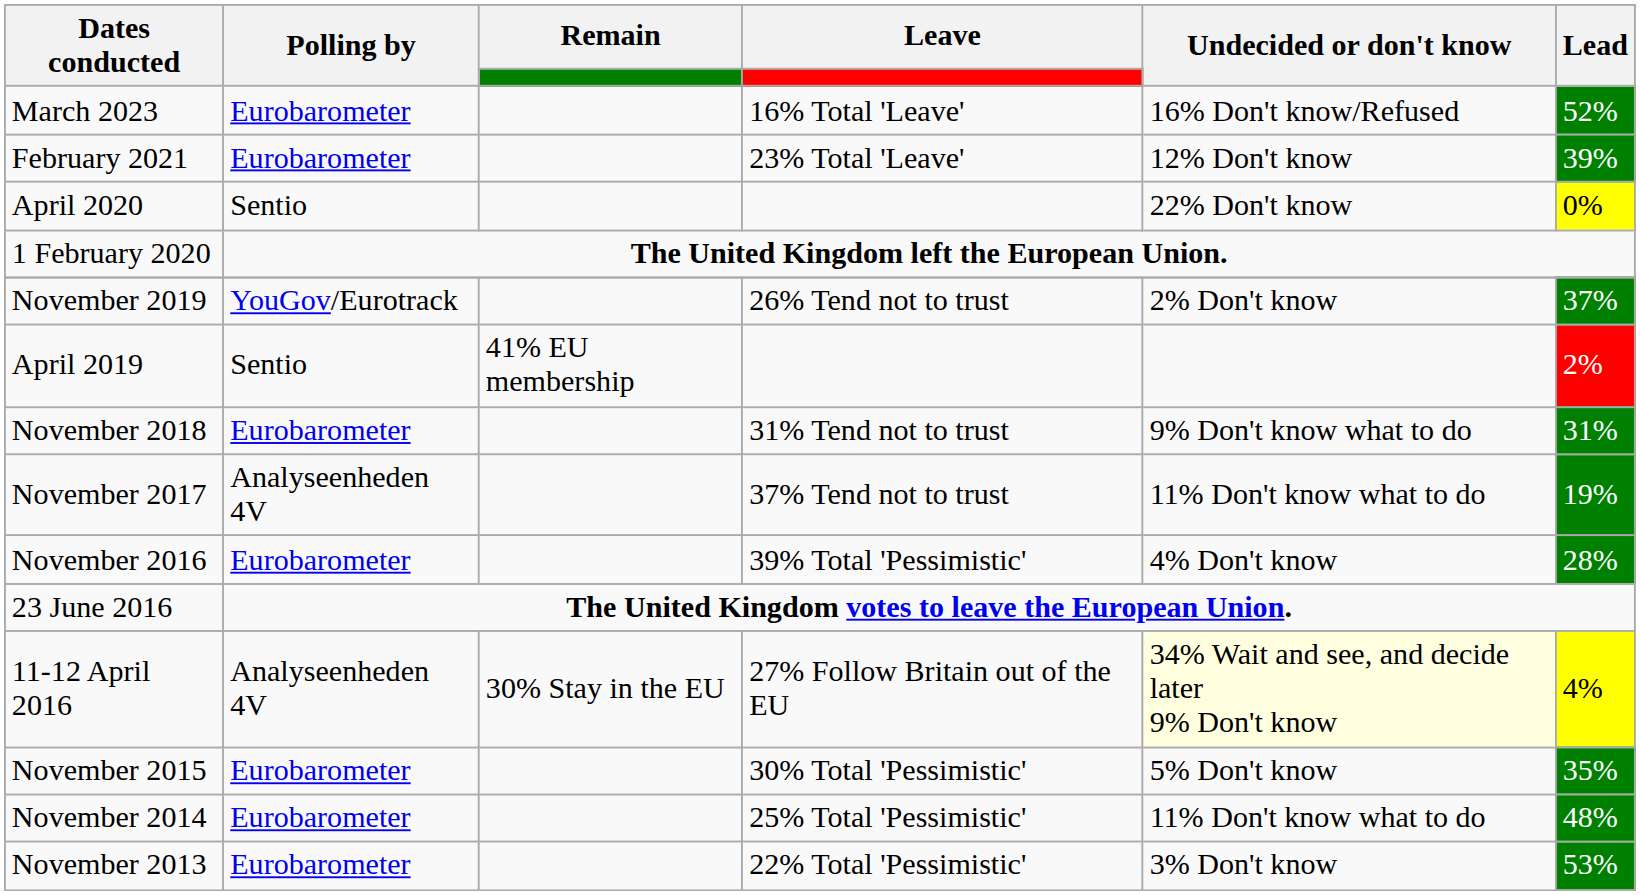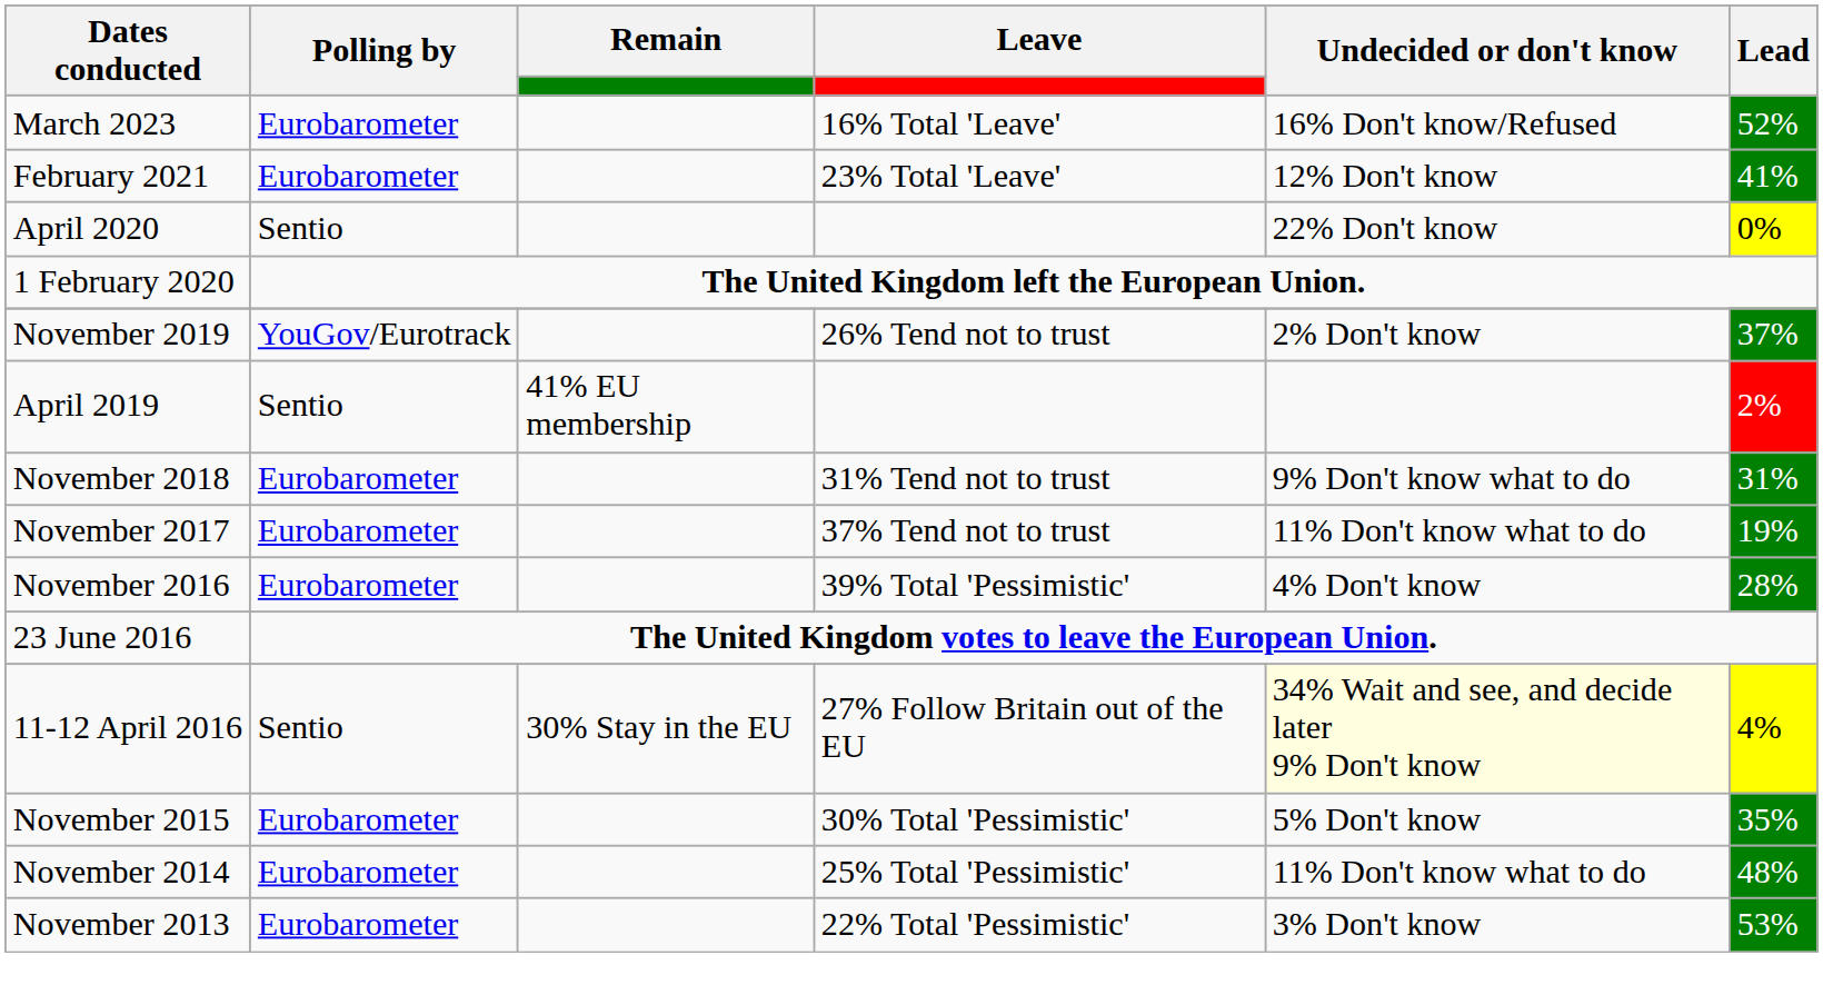 <table class="wikitable sortable">
 <tr>
 <th rowspan="2">Dates conducted</th>
 <th rowspan="2">Polling by</th>
 <th>Remain</th>
 <th>Leave</th>
 <th class="unsortable" rowspan="2" width:60px>Undecided or don't know</th>
 <th rowspan="2">Lead</th>
 </tr>
 <tr>
 <th data-sort-="" style="background:green;" type="number"></th>
 <th data-sort-="" style="background:red;" type="number"></th>
 </tr>
 <tr>
 <td data-sort-value="2023-03-21">March 2023</td>
 <td><a href='#'>Eurobarometer</a></td>
 <td></td>
 <td>16% Total 'Leave'</td>
 <td>16% Don't know/Refused</td>
 <td style="background:green;color:white;">52%</td>
 </tr>
 <tr>
 <td data-sort-value="2021-02-15">February 2021</td>
 <td><a href='#'>Eurobarometer</a></td>
 <td></td>
 <td>23% Total 'Leave'</td>
 <td>12% Don't know</td>
-<td style="background:green;color:white;">39%</td>
+<td style="background:green;color:white;">41%</td>
 </tr>
 <tr>
 <td data-sort-value="2020-04-08">April 2020</td>
 <td>Sentio</td>
 <td></td>
 <td></td>
 <td>22% Don't know</td>
 <td style="background:yellow;color:black;">0%</td>
 </tr>
 <tr>
 <td data-sort-value="2020-02-01">1 February 2020 </td>
 <td colspan="5" align="center"><strong>The United Kingdom left the European Union.</strong></td>
 </tr>
 <tr>
 </tr>
 <tr>
 <td data-sort-value="2019-11-07">November 2019</td>
 <td><a href='#'>YouGov</a>/Eurotrack</td>
 <td></td>
 <td>26% Tend not to trust</td>
 <td>2% Don't know</td>
 <td style="background:green;color:white;">37%</td>
 </tr>
 <tr>
 <td data-sort-value="2019-04-26">April 2019</td>
 <td>Sentio</td>
 <td>41% EU membership</td>
 <td></td>
 <td></td>
 <td style="background:red;color:white;">2%</td>
 </tr>
 <tr>
 <td data-sort-value="2018-11-07">November 2018</td>
 <td><a href='#'>Eurobarometer</a></td>
 <td></td>
 <td>31% Tend not to trust</td>
 <td>9% Don't know what to do</td>
 <td style="background:green;color:white;">31%</td>
 </tr>
 <tr>
 <td data-sort-value="2017-11-07">November 2017</td>
-<td>Analyseenheden 4V</td>
+<td><a href='#'>Eurobarometer</a></td>
 <td></td>
 <td>37% Tend not to trust</td>
 <td>11% Don't know what to do</td>
 <td style="background:green;color:white;">19%</td>
 </tr>
 <tr>
 <td data-sort-value="2016-11-07">November 2016</td>
 <td><a href='#'>Eurobarometer</a></td>
 <td></td>
 <td>39% Total 'Pessimistic'</td>
 <td>4% Don't know</td>
 <td style="background:green;color:white;">28%</td>
 </tr>
 <tr>
 <td data-sort-value="2016-06-23">23 June 2016</td>
 <td colspan="5" align="center"><strong>The United Kingdom <a href='#'>votes to leave the European Union</a>.</strong></td>
 </tr>
 <tr>
 <td data-sort-value="2016-03-07">11-12 April 2016</td>
-<td>Analyseenheden 4V</td>
+<td>Sentio</td>
 <td>30% Stay in the EU</td>
 <td>27% Follow Britain out of the EU</td>
 <td style="background:lightyellow;color:black;">34% Wait and see, and decide later<br>9% Don't know</td>
 <td style="background:yellow;color:black;">4%</td>
 </tr>
 <tr>
 <td data-sort-value="2015-11-07">November 2015</td>
 <td><a href='#'>Eurobarometer</a></td>
 <td></td>
 <td>30% Total 'Pessimistic'</td>
 <td>5% Don't know</td>
 <td style="background:green;color:white;">35%</td>
 </tr>
 <tr>
 <td data-sort-value="2014-11-07">November 2014</td>
 <td><a href='#'>Eurobarometer</a></td>
 <td></td>
 <td>25% Total 'Pessimistic'</td>
 <td>11% Don't know what to do</td>
 <td style="background:green;color:white;">48%</td>
 </tr>
 <tr>
 <td data-sort-value="2013-11-07">November 2013</td>
 <td><a href='#'>Eurobarometer</a></td>
 <td></td>
 <td>22% Total 'Pessimistic'</td>
 <td>3% Don't know</td>
 <td style="background:green;color:white;">53%</td>
 </tr>
 </table>
